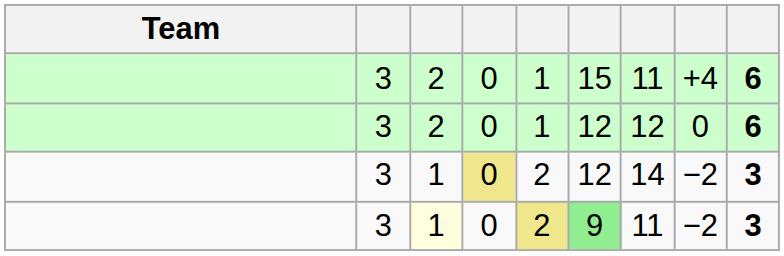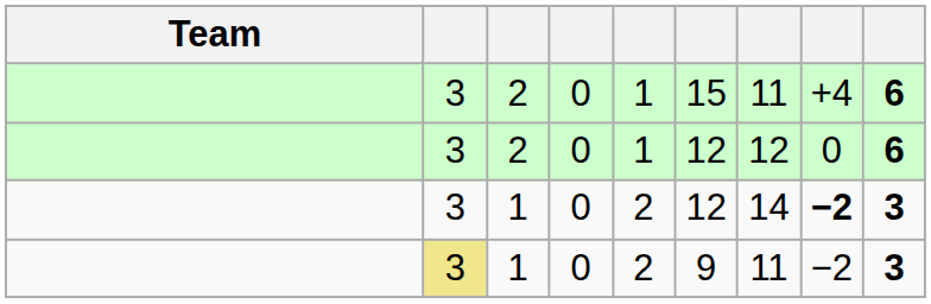 <table class="wikitable" style="text-align: center;">
 <tr>
 <th width="175">Team</th>
 <th width="20"></th>
 <th width="20"></th>
 <th width="20"></th>
 <th width="20"></th>
 <th width="20"></th>
 <th width="20"></th>
 <th width="20"></th>
 <th width="20"></th>
 </tr>
 <tr bgcolor="#ccffcc">
 <td align=left></td>
 <td>3</td>
 <td>2</td>
 <td>0</td>
 <td>1</td>
 <td>15</td>
 <td>11</td>
 <td>+4</td>
 <td><strong>6</strong></td>
 </tr>
 <tr bgcolor="#ccffcc">
 <td align=left></td>
 <td>3</td>
 <td>2</td>
 <td>0</td>
 <td>1</td>
 <td>12</td>
 <td>12</td>
 <td>0</td>
 <td><strong>6</strong></td>
 </tr>
 <tr>
 <td align=left></td>
 <td>3</td>
 <td>1</td>
-<td style="background: khaki;">0</td>
+<td>0</td>
 <td>2</td>
 <td>12</td>
 <td>14</td>
-<td>−2</td>
+<td><strong>−2</strong></td>
 <td><strong>3</strong></td>
 </tr>
 <tr>
 <td align=left></td>
-<td>3</td>
-<td style="background: lightyellow;">1</td>
+<td style="background: khaki;">3</td>
+<td>1</td>
 <td>0</td>
-<td style="background: khaki;">2</td>
-<td style="background: lightgreen;">9</td>
+<td>2</td>
+<td>9</td>
 <td>11</td>
 <td>−2</td>
 <td><strong>3</strong></td>
 </tr>
 </table>
